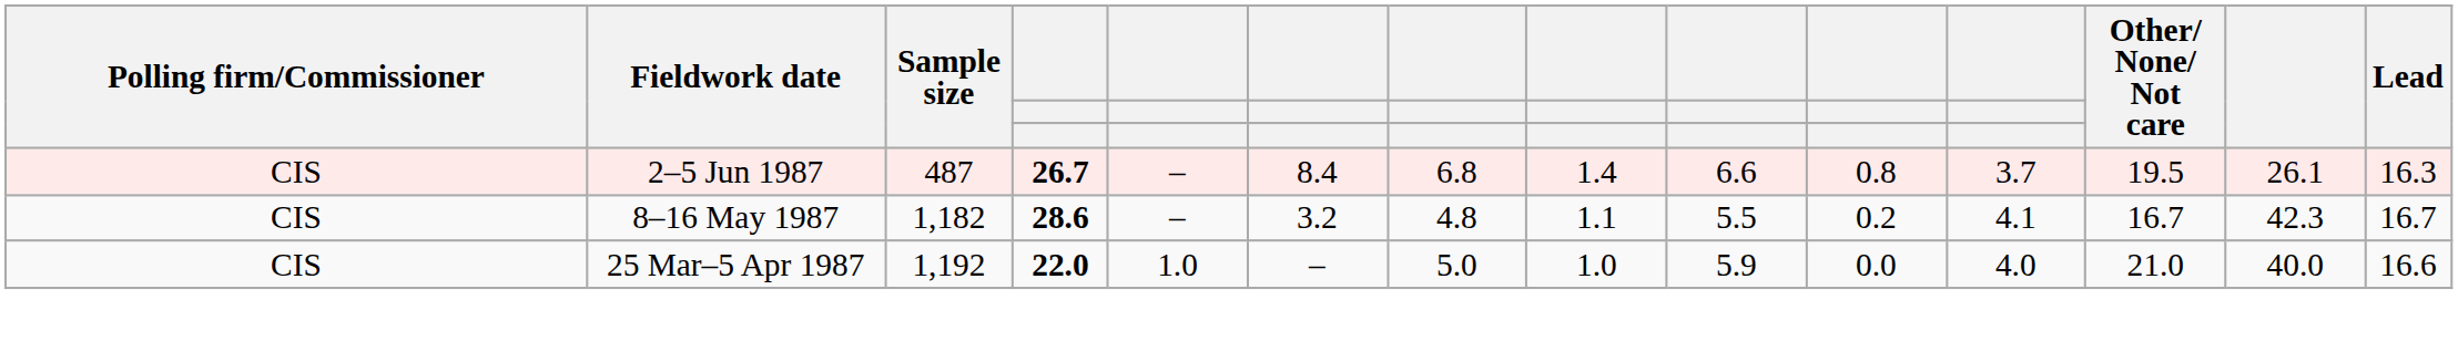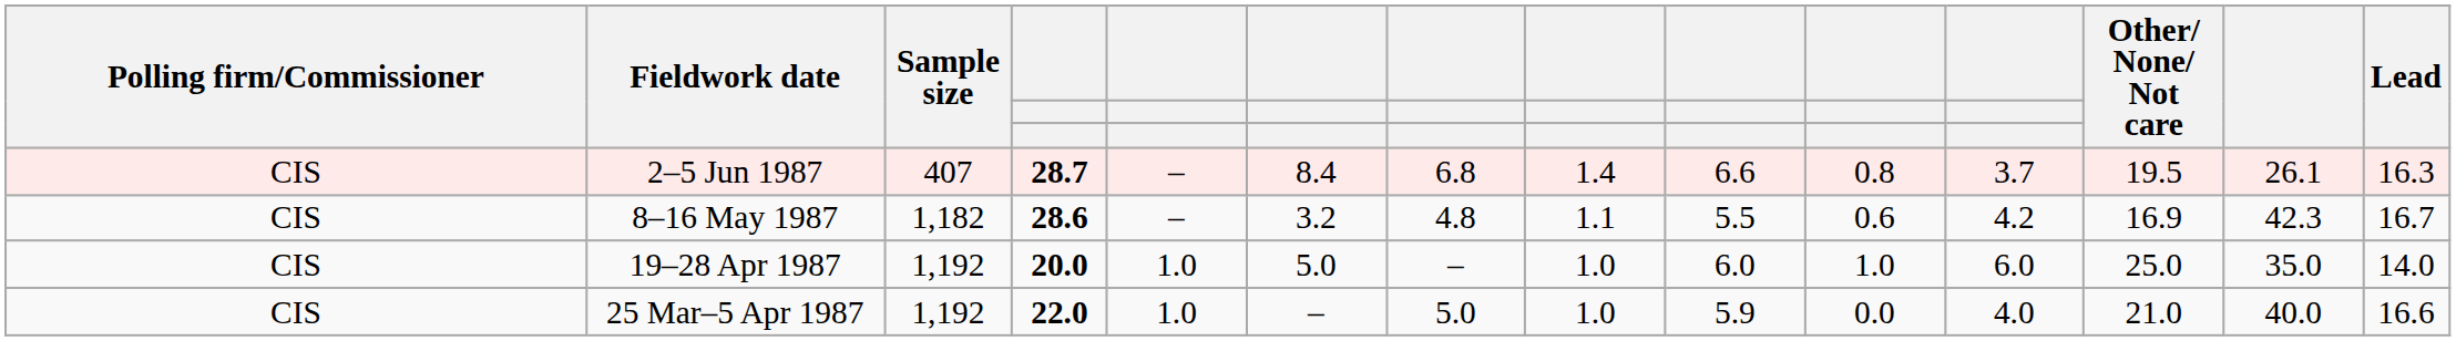 <table class="wikitable collapsible collapsed" style="text-align:center; font-size:90%; line-height:14px;">
 <tr style="height:42px;">
 <th style="width:250px;" rowspan="3">Polling firm/Commissioner</th>
 <th style="width:125px;" rowspan="3">Fieldwork date</th>
 <th style="width:50px;" rowspan="3">Sample size</th>
 <th style="width:35px;"></th>
 <th style="width:55px;"></th>
 <th style="width:55px;"></th>
 <th style="width:55px;"></th>
 <th style="width:55px;"></th>
 <th style="width:55px;"></th>
 <th style="width:55px;"></th>
 <th style="width:55px;"></th>
 <th style="width:55px;" rowspan="3">Other/<br>None/<br>Not<br>care</th>
 <th style="width:55px;" rowspan="3"></th>
 <th style="width:30px;" rowspan="3">Lead</th>
 </tr>
 <tr>
 <th style="color:inherit;background:"></th>
 <th style="color:inherit;background:"></th>
 <th style="color:inherit;background:"></th>
 <th style="color:inherit;background:"></th>
 <th style="color:inherit;background:"></th>
 <th style="color:inherit;background:"></th>
 <th style="color:inherit;background:"></th>
 <th style="color:inherit;background:"></th>
 </tr>
 <tr>
 <th></th>
 <th></th>
 <th></th>
 <th></th>
 <th></th>
 <th></th>
 <th></th>
 <th></th>
 </tr>
 <tr style="background:#FFEAEA;">
 <td>CIS</td>
 <td>2–5 Jun 1987</td>
-<td>487</td>
-<td><strong>26.7</strong></td>
+<td>407</td>
+<td><strong>28.7</strong></td>
 <td>–</td>
 <td>8.4</td>
 <td>6.8</td>
 <td>1.4</td>
 <td>6.6</td>
 <td>0.8</td>
 <td>3.7</td>
 <td>19.5</td>
 <td>26.1</td>
 <td style="background:">16.3</td>
 </tr>
 <tr>
 <td>CIS</td>
 <td>8–16 May 1987</td>
 <td>1,182</td>
 <td><strong>28.6</strong></td>
 <td>–</td>
 <td>3.2</td>
 <td>4.8</td>
 <td>1.1</td>
 <td>5.5</td>
-<td>0.2</td>
-<td>4.1</td>
-<td>16.7</td>
+<td>0.6</td>
+<td>4.2</td>
+<td>16.9</td>
 <td>42.3</td>
 <td style="background:">16.7</td>
+</tr>
+<tr>
+<td>CIS</td>
+<td>19–28 Apr 1987</td>
+<td>1,192</td>
+<td><strong>20.0</strong></td>
+<td>1.0</td>
+<td>5.0</td>
+<td>–</td>
+<td>1.0</td>
+<td>6.0</td>
+<td>1.0</td>
+<td>6.0</td>
+<td>25.0</td>
+<td>35.0</td>
+<td style="background:">14.0</td>
 </tr>
 <tr>
 <td>CIS</td>
 <td>25 Mar–5 Apr 1987</td>
 <td>1,192</td>
 <td><strong>22.0</strong></td>
 <td>1.0</td>
 <td>–</td>
 <td>5.0</td>
 <td>1.0</td>
 <td>5.9</td>
 <td>0.0</td>
 <td>4.0</td>
 <td>21.0</td>
 <td>40.0</td>
 <td style="background:">16.6</td>
 </tr>
 </table>
